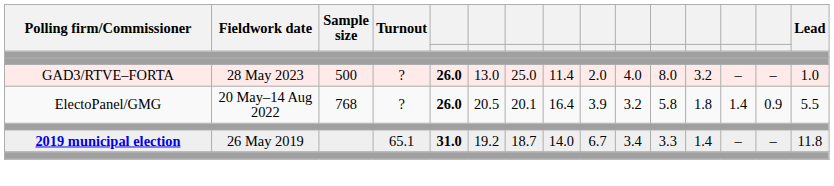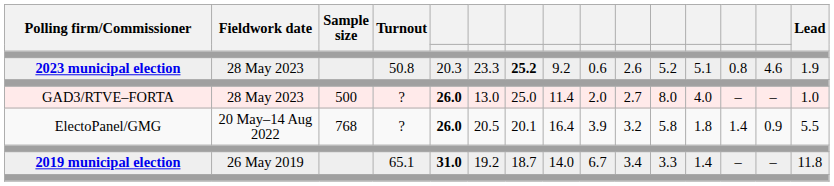 <table class="wikitable collapsible collapsed" style="text-align:center; font-size:95%; line-height:16px;">
 <tr style="height:42px;">
 <th style="width:250px;" rowspan="2">Polling firm/Commissioner</th>
 <th style="width:125px;" rowspan="2">Fieldwork date</th>
 <th style="width:50px;" rowspan="2">Sample size</th>
 <th style="width:45px;" rowspan="2">Turnout</th>
 <th style="width:35px;"><br></th>
 <th style="width:35px;"></th>
 <th style="width:35px;"></th>
 <th style="width:35px;"></th>
 <th style="width:35px;"></th>
 <th style="width:35px;"></th>
 <th style="width:35px;"></th>
 <th style="width:35px;"></th>
 <th style="width:35px;"></th>
 <th style="width:35px;"></th>
 <th style="width:30px;" rowspan="2">Lead</th>
 </tr>
 <tr>
 <th style="color:inherit;background:"></th>
 <th style="color:inherit;background:"></th>
 <th style="color:inherit;background:"></th>
 <th style="color:inherit;background:"></th>
 <th style="color:inherit;background:"></th>
 <th style="color:inherit;background:"></th>
 <th style="color:inherit;background:"></th>
 <th style="color:inherit;background:"></th>
 <th style="color:inherit;background:"></th>
 <th style="color:inherit;background:"></th>
 </tr>
 <tr>
 <td colspan="15" style="background:#A0A0A0"></td>
 </tr>
+<tr style="background:#EFEFEF;">
+<td><strong><a href='#'>2023 municipal election</a></strong></td>
+<td>28 May 2023</td>
+<td></td>
+<td>50.8</td>
+<td>20.3<br></td>
+<td>23.3<br></td>
+<td><strong>25.2</strong><br></td>
+<td>9.2<br></td>
+<td>0.6<br></td>
+<td>2.6<br></td>
+<td>5.2<br></td>
+<td>5.1<br></td>
+<td>0.8<br></td>
+<td>4.6<br></td>
+<td style="background:">1.9</td>
+</tr>
 <tr>
 <td colspan="15" style="background:#A0A0A0"></td>
 </tr>
 <tr style="background:#FFEAEA;">
 <td>GAD3/RTVE–FORTA</td>
 <td>28 May 2023</td>
 <td>500</td>
 <td>?</td>
 <td><strong>26.0</strong><br></td>
 <td>13.0<br></td>
 <td>25.0<br></td>
 <td>11.4<br></td>
 <td>2.0<br></td>
+<td>2.7<br></td>
+<td>8.0<br></td>
 <td>4.0<br></td>
-<td>8.0<br></td>
-<td>3.2<br></td>
 <td>–</td>
 <td>–</td>
 <td style="background:">1.0</td>
 </tr>
 <tr>
 <td>ElectoPanel/GMG</td>
 <td>20 May–14 Aug 2022</td>
 <td>768</td>
 <td>?</td>
 <td><strong>26.0</strong><br></td>
 <td>20.5<br></td>
 <td>20.1<br></td>
 <td>16.4<br></td>
 <td>3.9<br></td>
 <td>3.2<br></td>
 <td>5.8<br></td>
 <td>1.8<br></td>
 <td>1.4<br></td>
 <td>0.9<br></td>
 <td style="background:">5.5</td>
 </tr>
 <tr>
 <td colspan="15" style="background:#A0A0A0"></td>
 </tr>
 <tr style="background:#EFEFEF;">
 <td><strong><a href='#'>2019 municipal election</a></strong></td>
 <td>26 May 2019</td>
 <td></td>
 <td>65.1</td>
 <td><strong>31.0</strong><br></td>
 <td>19.2<br></td>
 <td>18.7<br></td>
 <td>14.0<br></td>
 <td>6.7<br></td>
 <td>3.4<br></td>
 <td>3.3<br></td>
 <td>1.4<br></td>
 <td>–</td>
 <td>–</td>
 <td style="background:">11.8</td>
 </tr>
 <tr>
 <td colspan="15" style="background:#A0A0A0"></td>
 </tr>
 </table>
